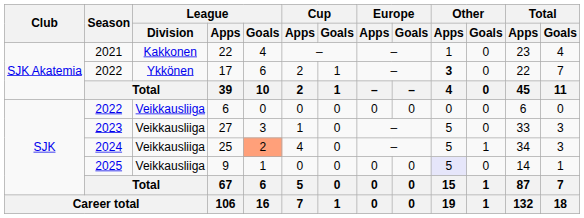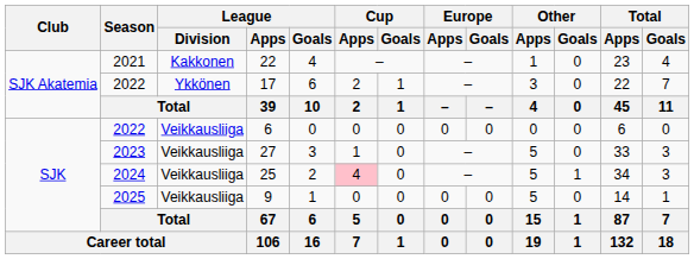 <table class="wikitable" style="text-align: center;">
 <tr>
 <th rowspan=2>Club</th>
 <th rowspan=2>Season</th>
 <th colspan=3>League</th>
 <th colspan=2>Cup</th>
 <th colspan=2>Europe</th>
 <th colspan=2>Other</th>
 <th colspan=2>Total</th>
 </tr>
 <tr>
 <th>Division</th>
 <th>Apps</th>
 <th>Goals</th>
 <th>Apps</th>
 <th>Goals</th>
 <th>Apps</th>
 <th>Goals</th>
 <th>Apps</th>
 <th>Goals</th>
 <th>Apps</th>
 <th>Goals</th>
 </tr>
 <tr>
 <td rowspan=3><a href='#'>SJK Akatemia</a></td>
 <td>2021</td>
 <td><a href='#'>Kakkonen</a></td>
 <td>22</td>
 <td>4</td>
 <td colspan="2">–</td>
 <td colspan="2">–</td>
 <td>1</td>
 <td>0</td>
 <td>23</td>
 <td>4</td>
 </tr>
 <tr>
 <td>2022</td>
 <td><a href='#'>Ykkönen</a></td>
 <td>17</td>
 <td>6</td>
 <td>2</td>
 <td>1</td>
 <td colspan="2">–</td>
-<td><strong>3</strong></td>
+<td>3</td>
 <td>0</td>
 <td>22</td>
 <td>7</td>
 </tr>
 <tr>
 <th colspan=2>Total</th>
 <th>39</th>
 <th>10</th>
 <th>2</th>
 <th>1</th>
 <th>–</th>
 <th>–</th>
 <th>4</th>
 <th>0</th>
 <th>45</th>
 <th>11</th>
 </tr>
 <tr>
 <td rowspan="5"><a href='#'>SJK</a></td>
 <td><a href='#'>2022</a></td>
 <td><a href='#'>Veikkausliiga</a></td>
 <td>6</td>
 <td>0</td>
 <td>0</td>
 <td>0</td>
 <td>0</td>
 <td>0</td>
 <td>0</td>
 <td>0</td>
 <td>6</td>
 <td>0</td>
 </tr>
 <tr>
 <td><a href='#'>2023</a></td>
 <td>Veikkausliiga</td>
 <td>27</td>
 <td>3</td>
 <td>1</td>
 <td>0</td>
 <td colspan="2">–</td>
 <td>5</td>
 <td>0</td>
 <td>33</td>
 <td>3</td>
 </tr>
 <tr>
 <td><a href='#'>2024</a></td>
 <td>Veikkausliiga</td>
 <td>25</td>
-<td style="background: lightsalmon;">2</td>
-<td>4</td>
+<td>2</td>
+<td style="background: pink;">4</td>
 <td>0</td>
 <td colspan="2">–</td>
 <td>5</td>
 <td>1</td>
 <td>34</td>
 <td>3</td>
 </tr>
 <tr>
 <td><a href='#'>2025</a></td>
 <td>Veikkausliiga</td>
 <td>9</td>
 <td>1</td>
 <td>0</td>
 <td>0</td>
 <td>0</td>
 <td>0</td>
-<td style="background: lavender;">5</td>
+<td>5</td>
 <td>0</td>
 <td>14</td>
 <td>1</td>
 </tr>
 <tr>
 <th colspan=2>Total</th>
 <th>67</th>
 <th>6</th>
 <th>5</th>
 <th>0</th>
 <th>0</th>
 <th>0</th>
 <th>15</th>
 <th>1</th>
 <th>87</th>
 <th>7</th>
 </tr>
 <tr>
 <th colspan=3>Career total</th>
 <th>106</th>
 <th>16</th>
 <th>7</th>
 <th>1</th>
 <th>0</th>
 <th>0</th>
 <th>19</th>
 <th>1</th>
 <th>132</th>
 <th>18</th>
 </tr>
 </table>
